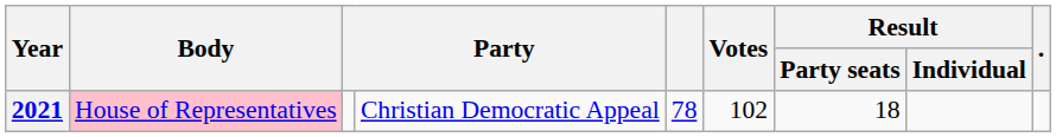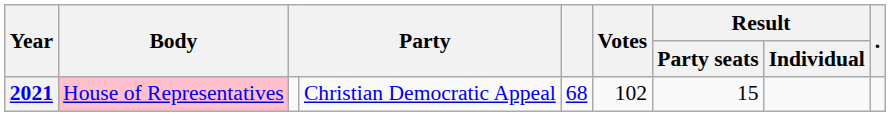 <table class="wikitable plainrowheaders sortable" border=2 cellpadding=4 cellspacing=0 style="border: 1px #aaa solid; font-size: 90%; text-align:center;">
 <tr>
 <th scope="col" rowspan=2>Year</th>
 <th scope="col" rowspan=2>Body</th>
 <th scope="col" colspan=2 rowspan=2>Party</th>
 <th scope="col" rowspan=2></th>
 <th scope="col" rowspan=2>Votes</th>
 <th scope="colgroup" colspan=2>Result</th>
 <th scope="col" rowspan=2 class="unsortable">.</th>
 </tr>
 <tr>
 <th scope="col">Party seats</th>
 <th scope="col">Individual</th>
 </tr>
 <tr>
 <th scope="row"><a href='#'>2021</a></th>
 <td style="background: pink;"><a href='#'>House of Representatives</a></td>
 <td style="background-color:"></td>
 <td><a href='#'>Christian Democratic Appeal</a></td>
-<td style=text-align:right><a href='#'>78</a></td>
+<td style=text-align:right><a href='#'>68</a></td>
 <td style=text-align:right>102</td>
-<td style=text-align:right>18</td>
+<td style=text-align:right>15</td>
 <td></td>
 <td></td>
 </tr>
 </table>
